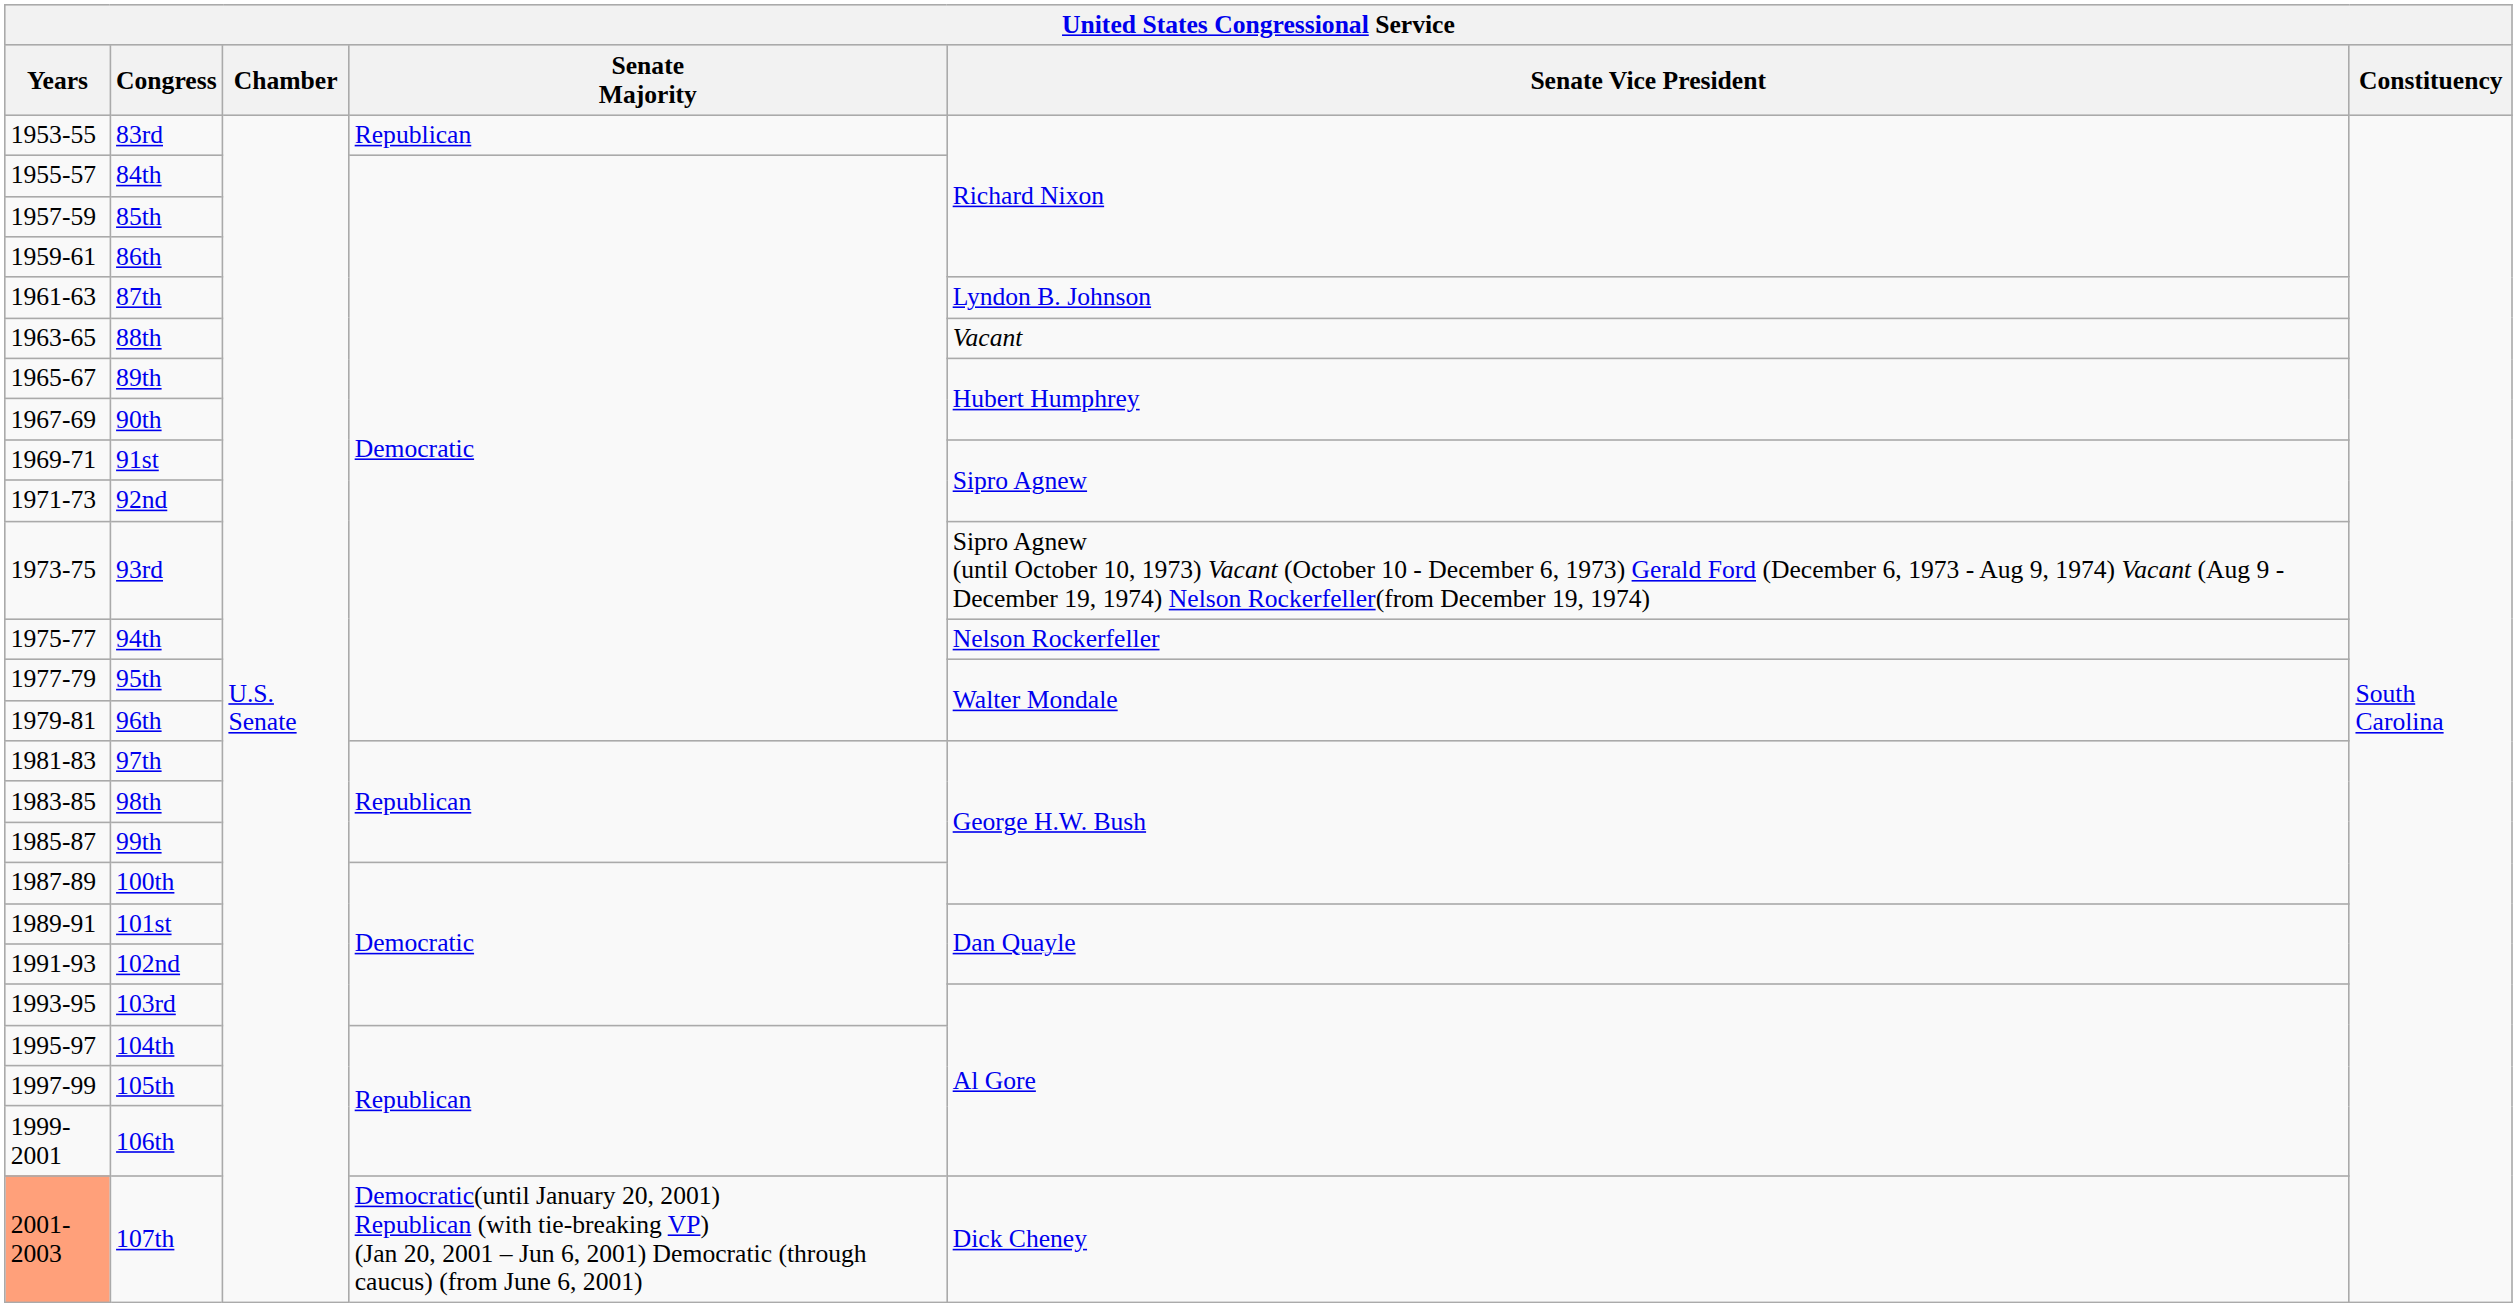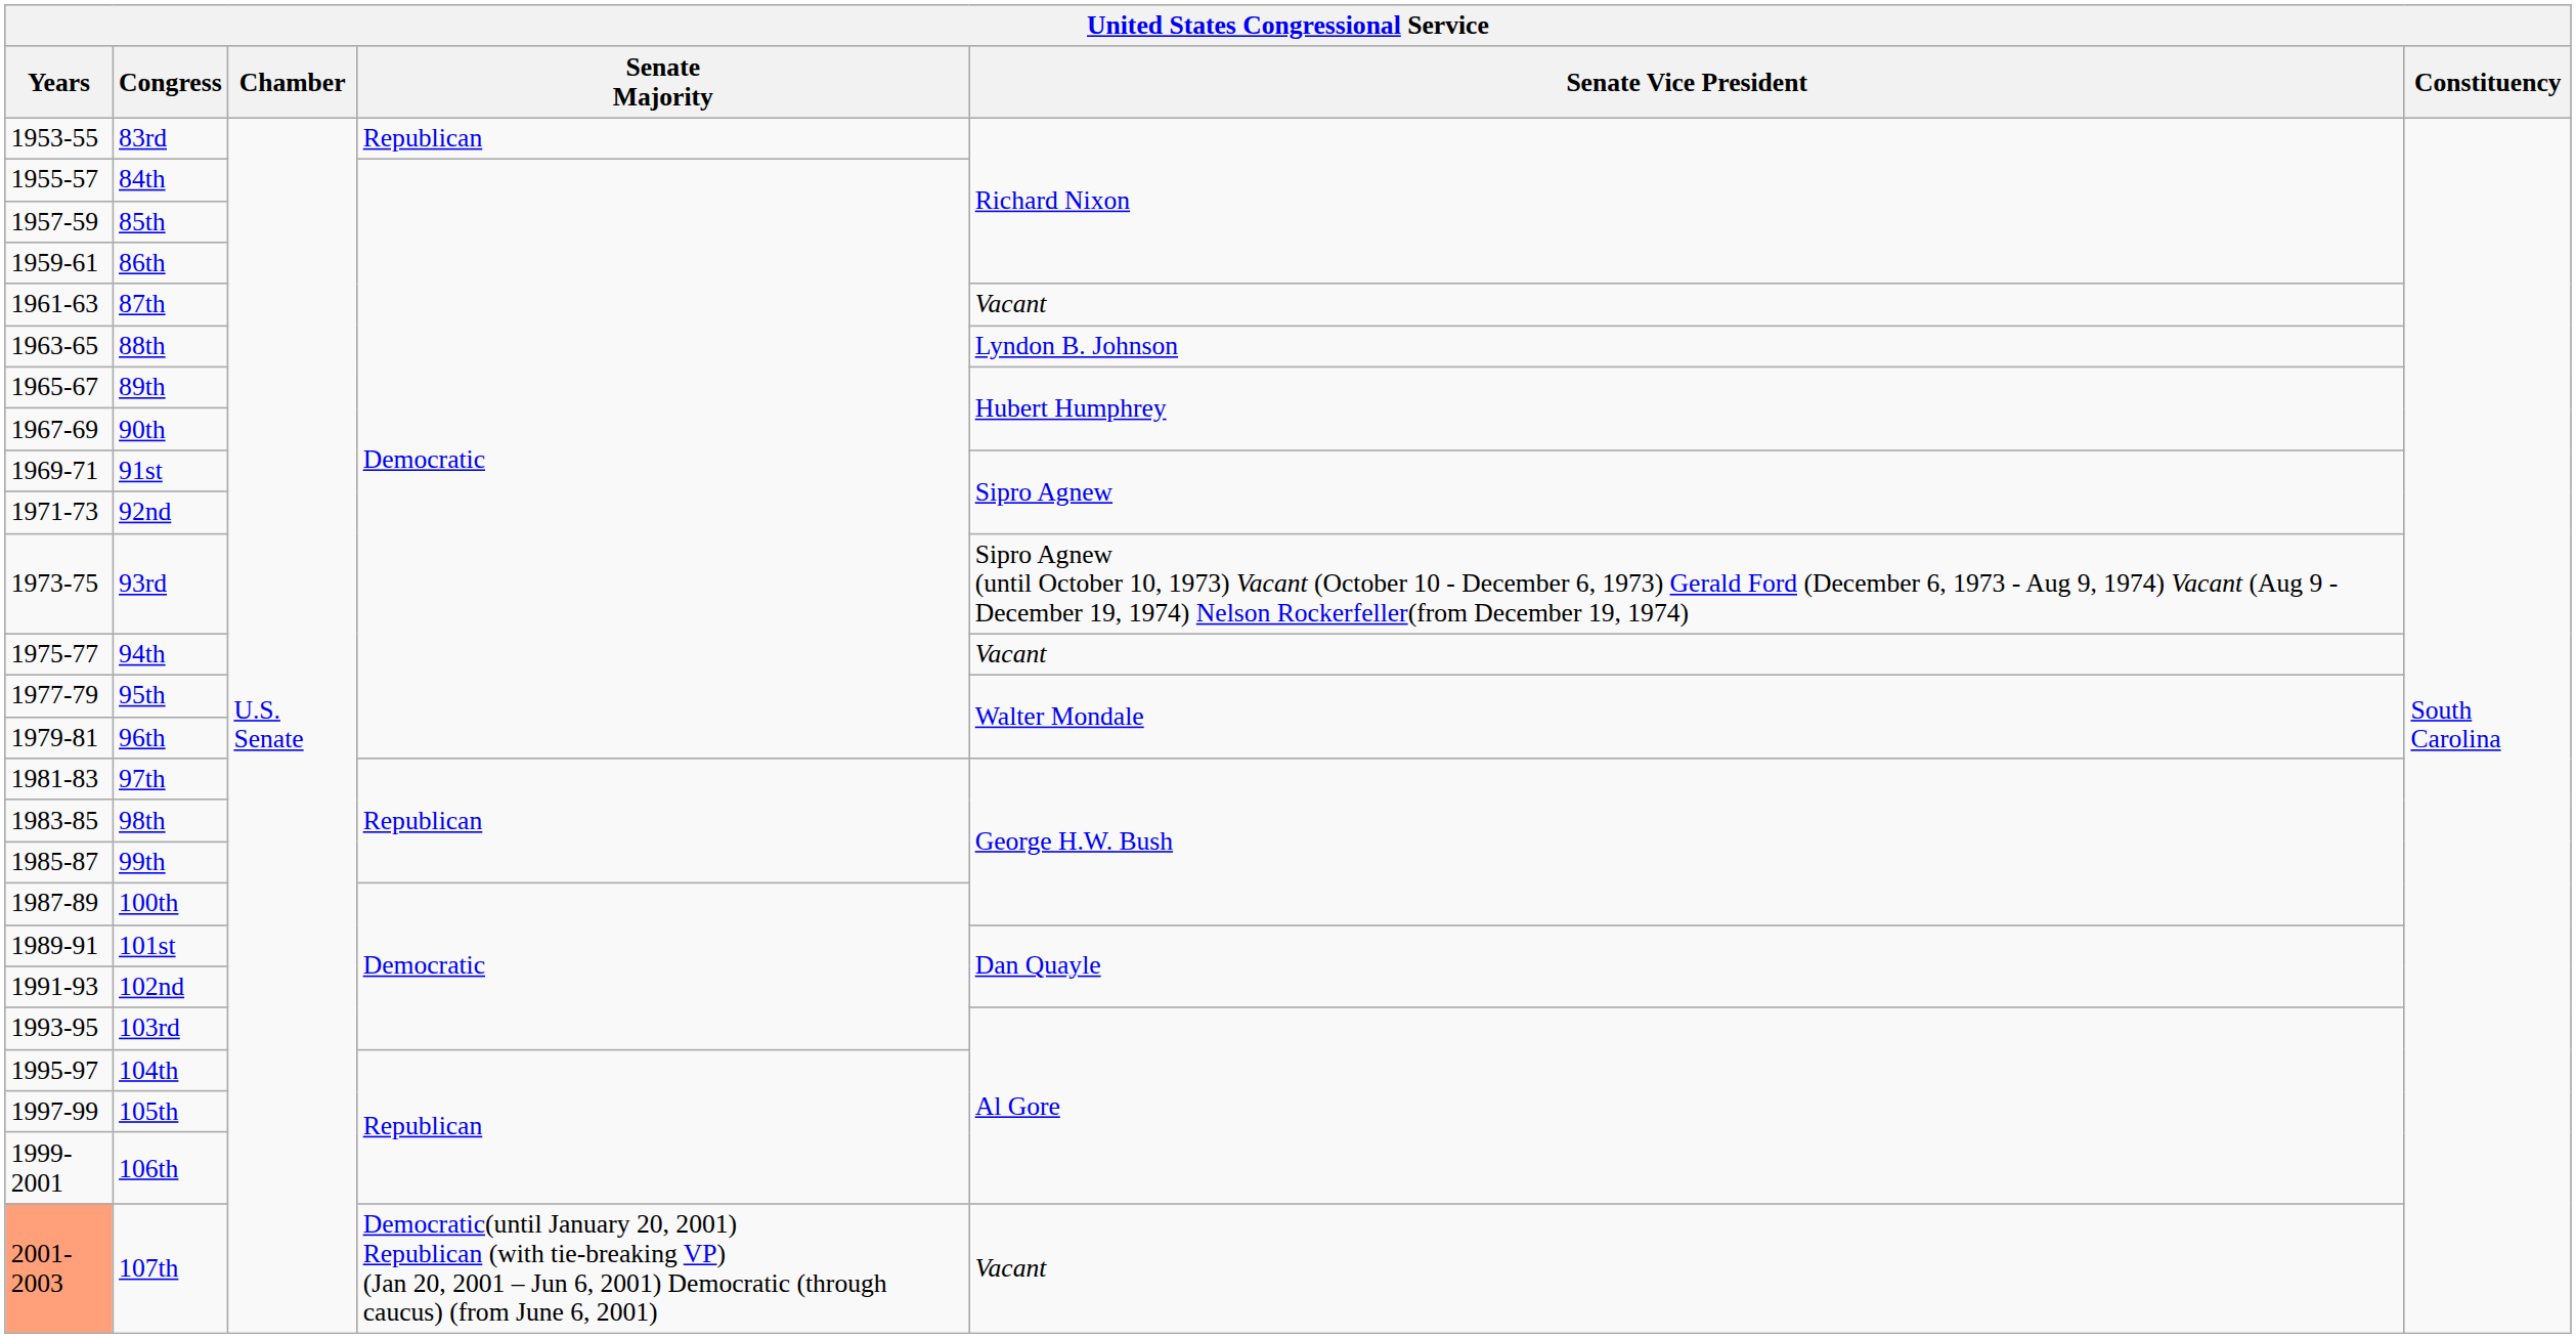 <table class="wikitable">
 <tr>
 <th colspan="6"><a href='#'>United States Congressional</a> Service</th>
 </tr>
 <tr>
 <th>Years</th>
 <th>Congress</th>
 <th>Chamber</th>
 <th>Senate<br>Majority</th>
 <th>Senate Vice President</th>
 <th>Constituency</th>
 </tr>
 <tr>
 <td>1953-55</td>
 <td><a href='#'>83rd</a></td>
 <td rowspan="25"><a href='#'>U.S. Senate</a></td>
 <td><a href='#'>Republican</a></td>
 <td rowspan="4"><a href='#'>Richard Nixon</a></td>
 <td rowspan="25"><a href='#'>South Carolina</a></td>
 </tr>
 <tr>
 <td>1955-57</td>
 <td><a href='#'>84th</a></td>
 <td rowspan="13"><a href='#'>Democratic</a></td>
 </tr>
 <tr>
 <td>1957-59</td>
 <td><a href='#'>85th</a></td>
 </tr>
 <tr>
 <td>1959-61</td>
 <td><a href='#'>86th</a></td>
 </tr>
 <tr>
 <td>1961-63</td>
 <td><a href='#'>87th</a></td>
-<td><a href='#'>Lyndon B. Johnson</a></td>
+<td><em>Vacant</em></td>
 </tr>
 <tr>
 <td>1963-65</td>
 <td><a href='#'>88th</a></td>
-<td><em>Vacant</em></td>
+<td><a href='#'>Lyndon B. Johnson</a></td>
 </tr>
 <tr>
 <td>1965-67</td>
 <td><a href='#'>89th</a></td>
 <td rowspan="2"><a href='#'>Hubert Humphrey</a></td>
 </tr>
 <tr>
 <td>1967-69</td>
 <td><a href='#'>90th</a></td>
 </tr>
 <tr>
 <td>1969-71</td>
 <td><a href='#'>91st</a></td>
 <td rowspan="2"><a href='#'>Sipro Agnew</a></td>
 </tr>
 <tr>
 <td>1971-73</td>
 <td><a href='#'>92nd</a></td>
 </tr>
 <tr>
 <td>1973-75</td>
 <td><a href='#'>93rd</a></td>
 <td>Sipro Agnew<br>(until October 10, 1973) <em>Vacant</em> (October 10 - December 6, 1973)  <a href='#'>Gerald Ford</a> (December 6, 1973 - Aug 9, 1974) <em>Vacant</em> (Aug 9 - December 19, 1974) <a href='#'>Nelson Rockerfeller</a>(from December 19, 1974)</td>
 </tr>
 <tr>
 <td>1975-77</td>
 <td><a href='#'>94th</a></td>
-<td><a href='#'>Nelson Rockerfeller</a></td>
+<td><em>Vacant</em></td>
 </tr>
 <tr>
 <td>1977-79</td>
 <td><a href='#'>95th</a></td>
 <td rowspan="2"><a href='#'>Walter Mondale</a></td>
 </tr>
 <tr>
 <td>1979-81</td>
 <td><a href='#'>96th</a></td>
 </tr>
 <tr>
 <td>1981-83</td>
 <td><a href='#'>97th</a></td>
 <td rowspan="3"><a href='#'>Republican</a></td>
 <td rowspan="4"><a href='#'>George H.W. Bush</a></td>
 </tr>
 <tr>
 <td>1983-85</td>
 <td><a href='#'>98th</a></td>
 </tr>
 <tr>
 <td>1985-87</td>
 <td><a href='#'>99th</a></td>
 </tr>
 <tr>
 <td>1987-89</td>
 <td><a href='#'>100th</a></td>
 <td rowspan="4"><a href='#'>Democratic</a></td>
 </tr>
 <tr>
 <td>1989-91</td>
 <td><a href='#'>101st</a></td>
 <td rowspan="2"><a href='#'>Dan Quayle</a></td>
 </tr>
 <tr>
 <td>1991-93</td>
 <td><a href='#'>102nd</a></td>
 </tr>
 <tr>
 <td>1993-95</td>
 <td><a href='#'>103rd</a></td>
 <td rowspan="4"><a href='#'>Al Gore</a></td>
 </tr>
 <tr>
 <td>1995-97</td>
 <td><a href='#'>104th</a></td>
 <td rowspan="3"><a href='#'>Republican</a></td>
 </tr>
 <tr>
 <td>1997-99</td>
 <td><a href='#'>105th</a></td>
 </tr>
 <tr>
 <td>1999-2001</td>
 <td><a href='#'>106th</a></td>
 </tr>
 <tr>
 <td style="background: lightsalmon;">2001-2003</td>
 <td><a href='#'>107th</a></td>
 <td><a href='#'>Democratic</a>(until January 20, 2001)<br><a href='#'>Republican</a> (with tie-breaking <a href='#'>VP</a>)<br>(Jan 20, 2001 – Jun 6, 2001) Democratic  (through caucus) (from June 6, 2001)</td>
-<td><a href='#'>Dick Cheney</a></td>
+<td><em>Vacant</em></td>
 </tr>
 </table>
